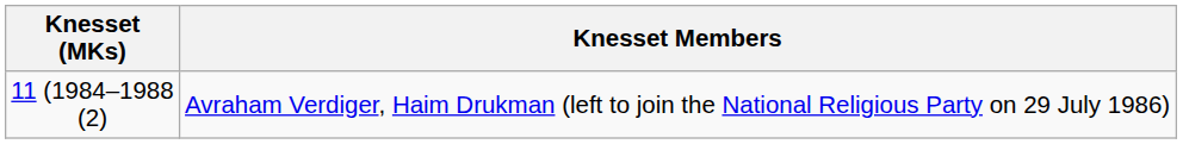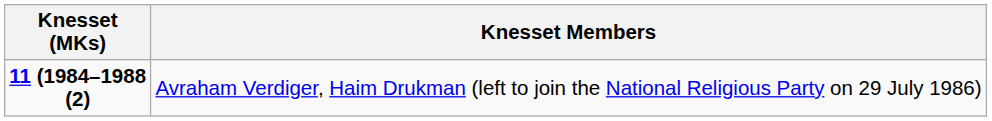 <table class="wikitable" style="text-align:center;">
 <tr>
 <th>Knesset<br>(MKs)</th>
 <th>Knesset Members</th>
 </tr>
 <tr>
-<td><a href='#'>11</a> (1984–1988<br>(2)</td>
+<td><strong><a href='#'>11</a> (1984–1988<br>(2)</strong></td>
 <td style="text-align:left"><a href='#'>Avraham Verdiger</a>, <a href='#'>Haim Drukman</a> (left to join the <a href='#'>National Religious Party</a> on 29 July 1986)</td>
 </tr>
 </table>
